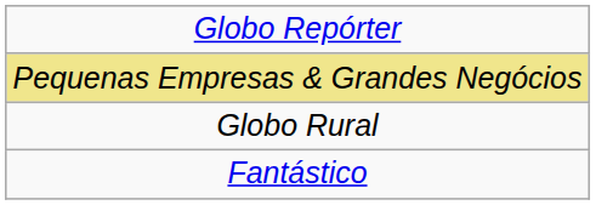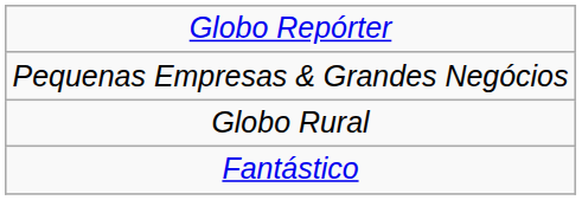 <table class="wikitable" style="font-size:100%; text-align:left;">
 <tr align=center>
 <td><em><a href='#'>Globo Repórter</a></em></td>
 </tr>
 <tr align=center>
-<td style="background: khaki;"><em>Pequenas Empresas & Grandes Negócios</em></td>
+<td><em>Pequenas Empresas & Grandes Negócios</em></td>
 </tr>
 <tr align=center>
 <td><em>Globo Rural</em></td>
 </tr>
 <tr align=center>
 <td><em><a href='#'>Fantástico</a></em></td>
 </tr>
 </table>
